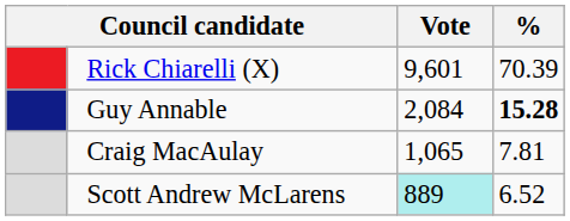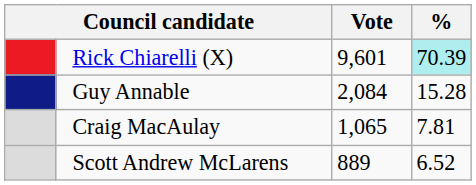 <table class="wikitable">
 <tr>
 <th width="230px" colspan="2">Council candidate</th>
 <th width="50px">Vote</th>
 <th width="30px">%</th>
 </tr>
 <tr>
 <td bgcolor=#EC1B23 width="30px"> </td>
 <td>  <a href='#'>Rick Chiarelli</a> (X)</td>
 <td>9,601</td>
-<td>70.39</td>
+<td style="background: paleturquoise;">70.39</td>
 </tr>
 <tr>
 <td bgcolor=#0F1C87 width="30px"> </td>
 <td>  Guy Annable</td>
 <td>2,084</td>
-<td><strong>15.28</strong></td>
+<td>15.28</td>
 </tr>
 <tr>
 <td bgcolor=#DCDCDC width="30px"> </td>
 <td>  Craig MacAulay</td>
 <td>1,065</td>
 <td>7.81</td>
 </tr>
 <tr>
 <td bgcolor=#DCDCDC width="30px"> </td>
 <td>  Scott Andrew McLarens</td>
-<td style="background: paleturquoise;">889</td>
+<td>889</td>
 <td>6.52</td>
 </tr>
 </table>
